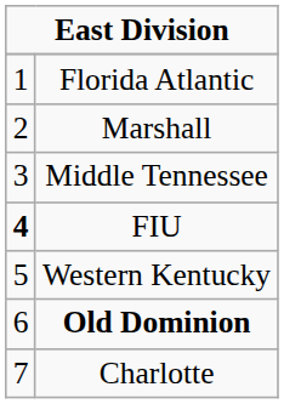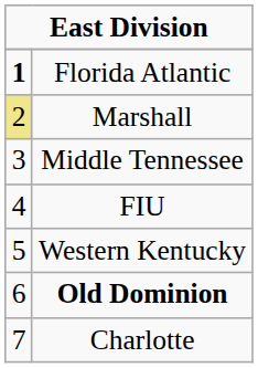 <table class="wikitable">
 <tr align="center">
 <td align="center" Colspan="3"><strong>East Division</strong></td>
 </tr>
 <tr align="center">
 </tr>
 <tr align="center">
-<td>1</td>
+<td><strong>1</strong></td>
 <td>Florida Atlantic</td>
 </tr>
 <tr align="center">
-<td>2</td>
+<td style="background: khaki;">2</td>
 <td>Marshall</td>
 </tr>
 <tr align="center">
 <td>3</td>
 <td>Middle Tennessee</td>
 </tr>
 <tr align="center">
-<td><strong>4</strong></td>
+<td>4</td>
 <td>FIU</td>
 </tr>
 <tr align="center">
 <td>5</td>
 <td>Western Kentucky</td>
 </tr>
 <tr align="center">
 <td>6</td>
 <td><strong>Old Dominion</strong></td>
 </tr>
 <tr align="center">
 <td>7</td>
 <td>Charlotte</td>
 </tr>
 </table>
